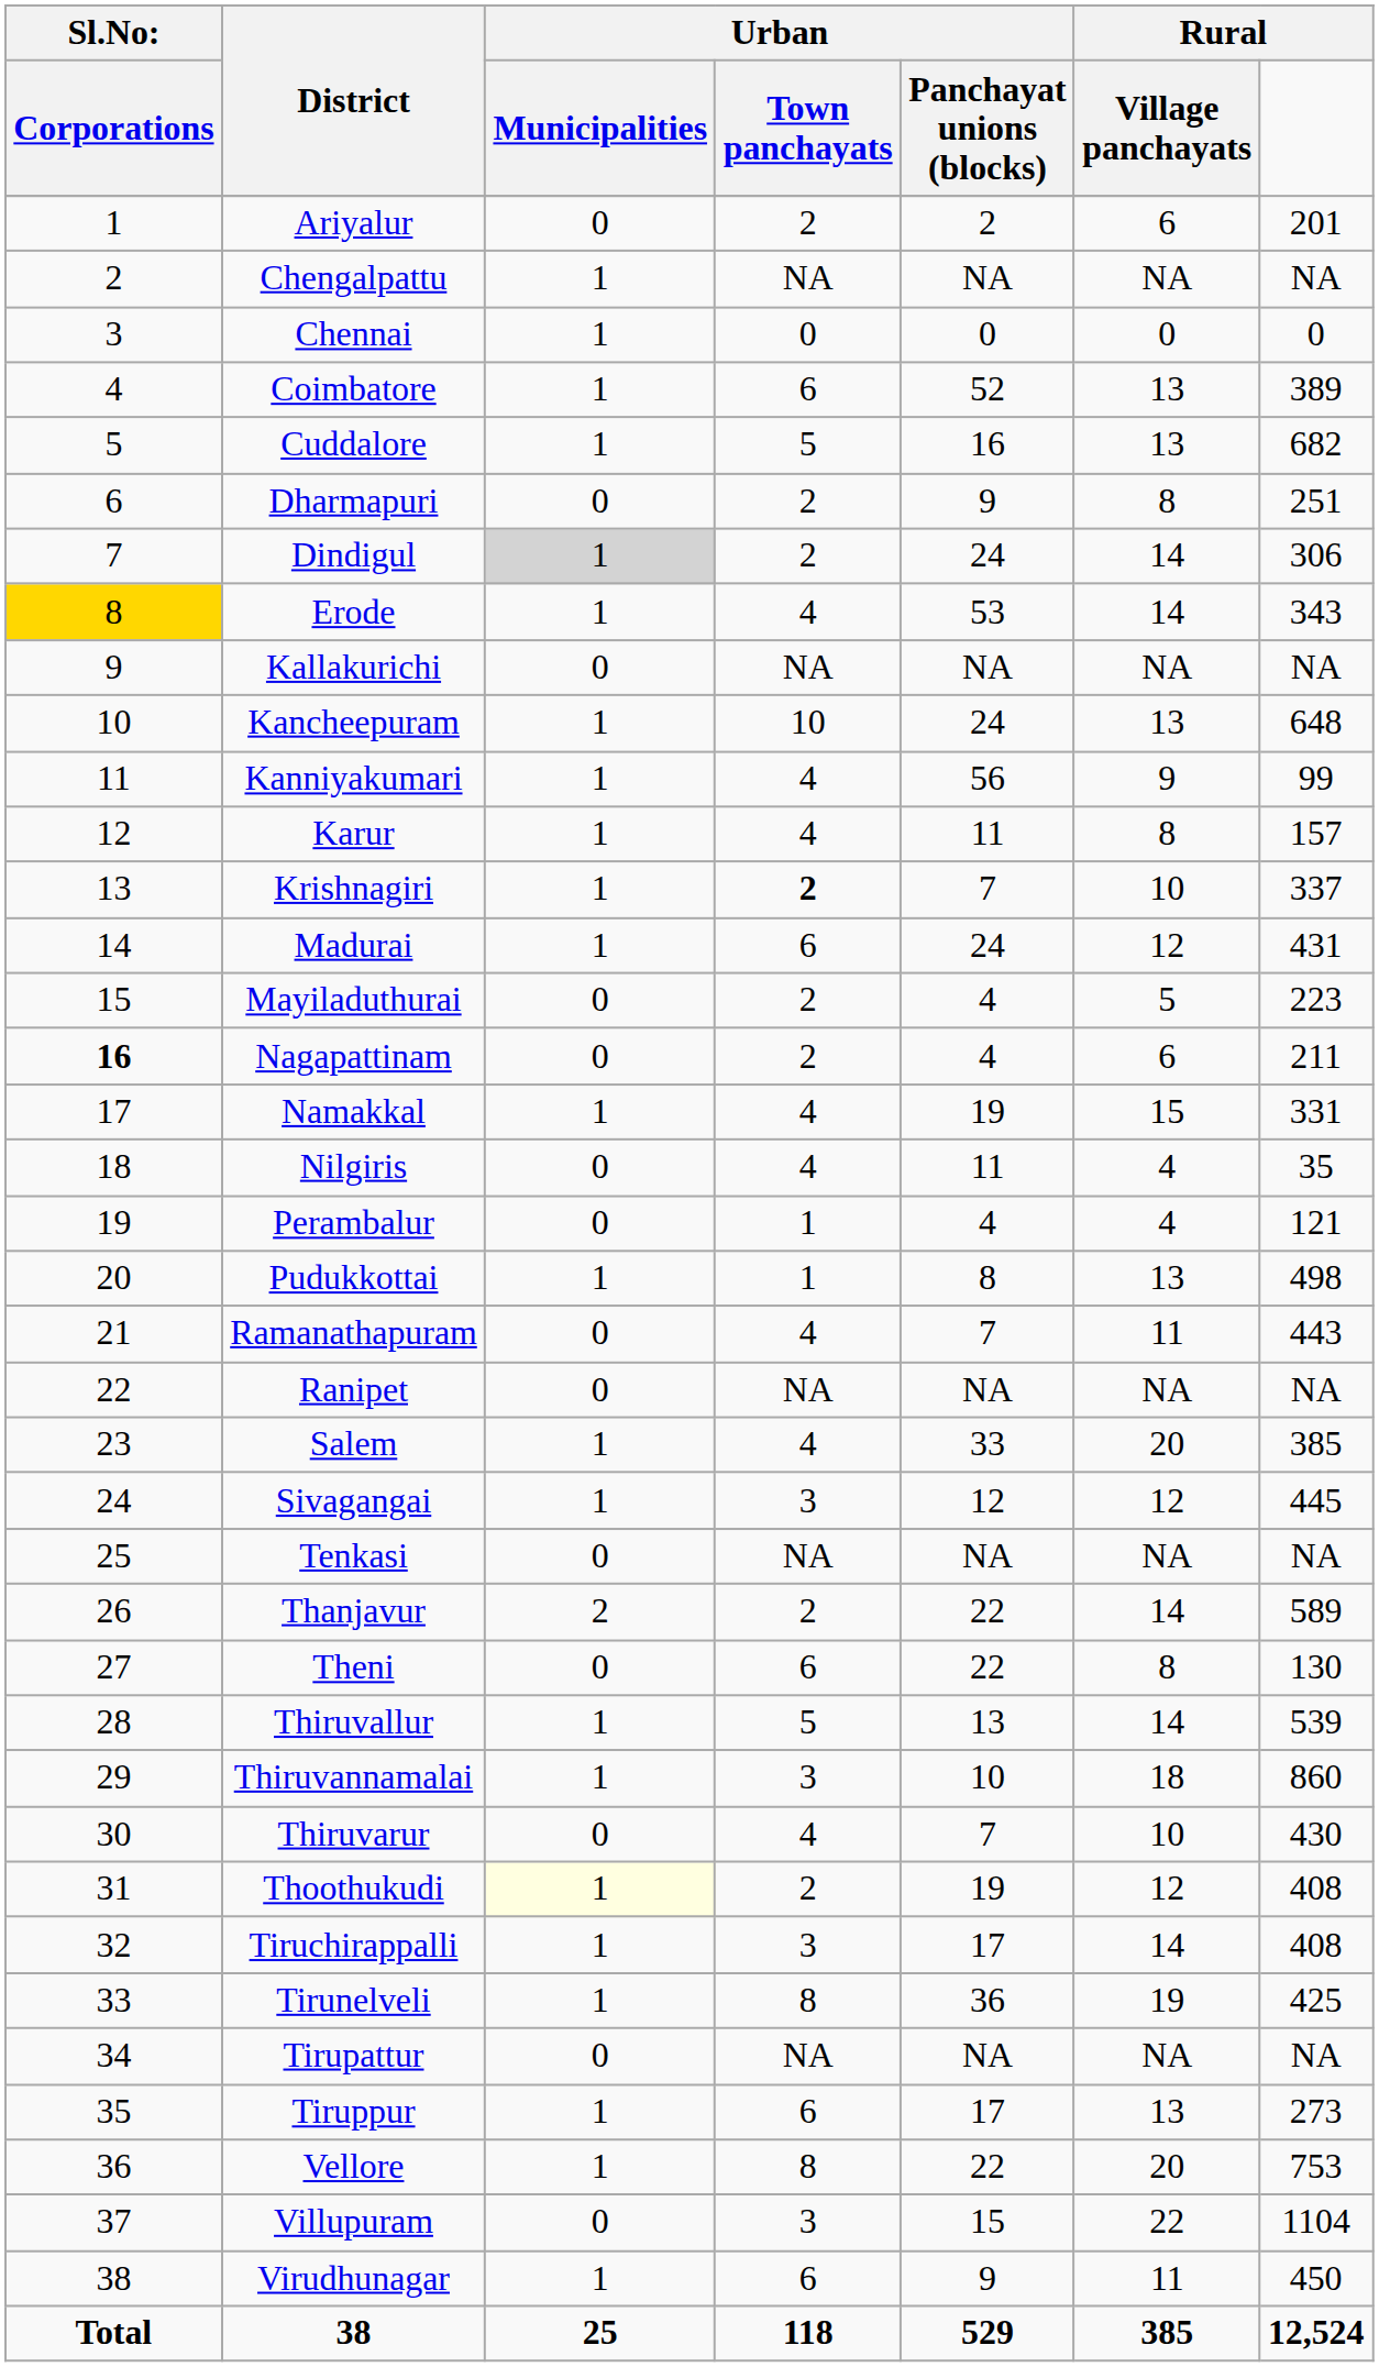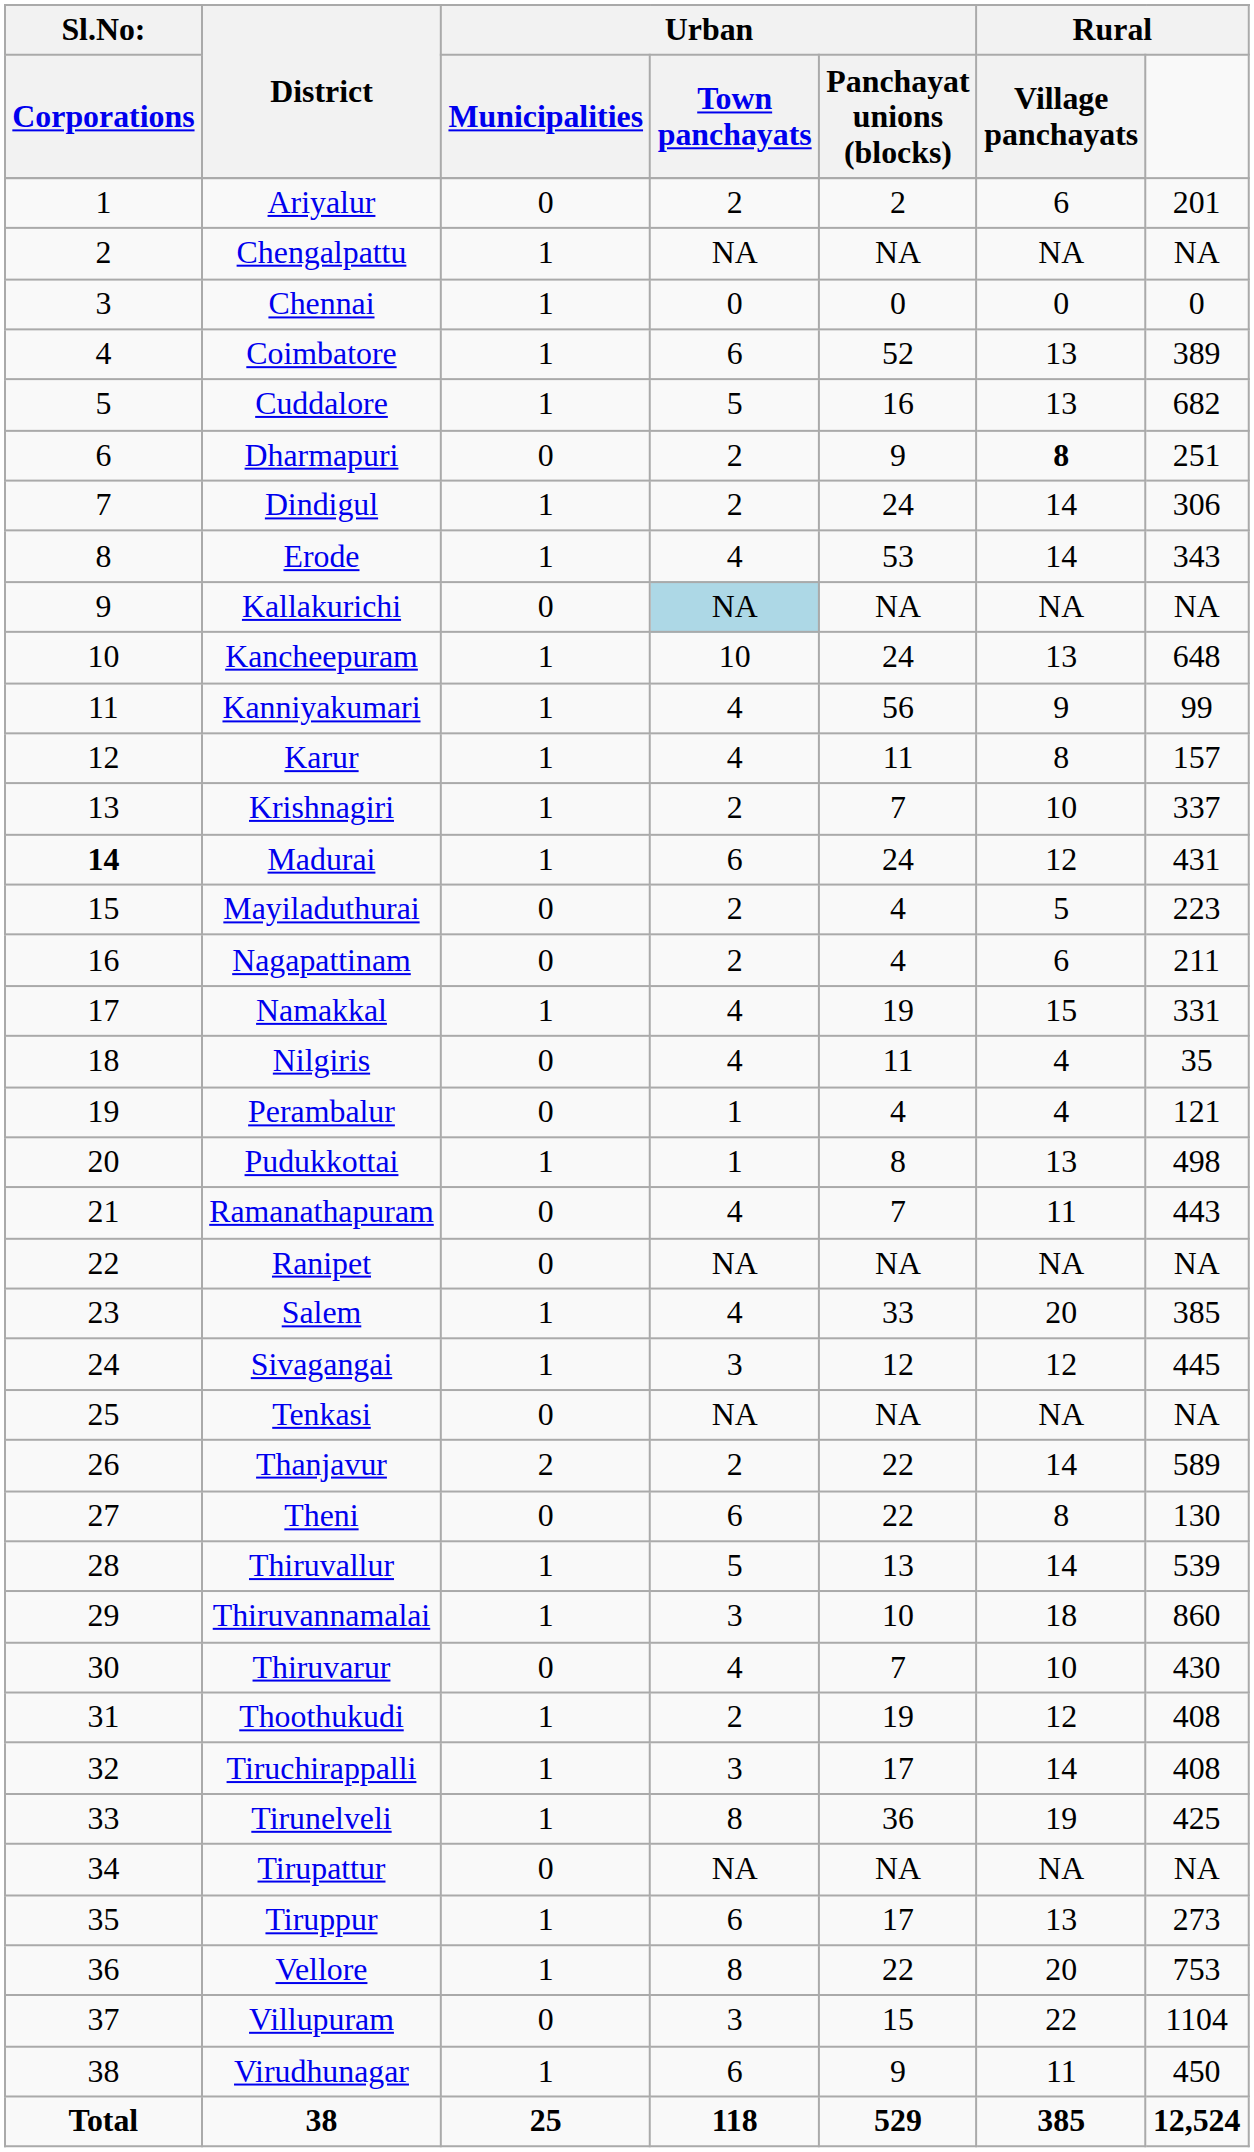 <table class="wikitable sortable" style="text-align:center">
 <tr style="background:#ffffdd; color:#000;">
 <th rowspan="4" align=left width=40px>Sl.No:</th>
 </tr>
 <tr>
 </tr>
 <tr style="background:#ffffdd; color:#000;">
 <th rowspan="3" align=left width=50px>District</th>
 </tr>
 <tr>
 <th align=Centre width=120px colspan="3">Urban</th>
 <th align=Centre width=80px colspan="2">Rural</th>
 </tr>
 <tr>
 <th scope="col" align=Centre width=40px><a href='#'>Corporations</a></th>
 <th scope="col" align=Centre width=40px><a href='#'>Municipalities</a></th>
 <th scope="col" align=Centre width=40px><a href='#'>Town panchayats</a></th>
 <th Scope="col" align=Centre width=50px>Panchayat unions (blocks)</th>
 <th Scope="col" align=Centre width=50px>Village panchayats</th>
 </tr>
 <tr>
 </tr>
 <tr valign=top>
 <td>1</td>
 <td><a href='#'>Ariyalur</a></td>
 <td>0</td>
 <td>2</td>
 <td>2</td>
 <td>6</td>
 <td>201</td>
 </tr>
 <tr valign=top>
 <td>2</td>
 <td><a href='#'>Chengalpattu</a></td>
 <td>1</td>
 <td>NA</td>
 <td>NA</td>
 <td>NA</td>
 <td>NA</td>
 </tr>
 <tr valign=top>
 <td>3</td>
 <td><a href='#'>Chennai</a></td>
 <td>1</td>
 <td>0</td>
 <td>0</td>
 <td>0</td>
 <td>0</td>
 </tr>
 <tr valign=top>
 <td>4</td>
 <td><a href='#'>Coimbatore</a></td>
 <td>1</td>
 <td>6</td>
 <td>52</td>
 <td>13</td>
 <td>389</td>
 </tr>
 <tr valign=top>
 <td>5</td>
 <td><a href='#'>Cuddalore</a></td>
 <td>1</td>
 <td>5</td>
 <td>16</td>
 <td>13</td>
 <td>682</td>
 </tr>
 <tr valign=top>
 <td>6</td>
 <td><a href='#'>Dharmapuri</a></td>
 <td>0</td>
 <td>2</td>
 <td>9</td>
-<td>8</td>
+<td><strong>8</strong></td>
 <td>251</td>
 </tr>
 <tr valign=top>
 <td>7</td>
 <td><a href='#'>Dindigul</a></td>
-<td style="background: lightgrey;">1</td>
+<td>1</td>
 <td>2</td>
 <td>24</td>
 <td>14</td>
 <td>306</td>
 </tr>
 <tr valign=top>
-<td style="background: gold;">8</td>
+<td>8</td>
 <td><a href='#'>Erode</a></td>
 <td>1</td>
 <td>4</td>
 <td>53</td>
 <td>14</td>
 <td>343</td>
 </tr>
 <tr valign=top>
 <td>9</td>
 <td><a href='#'>Kallakurichi</a></td>
 <td>0</td>
-<td>NA</td>
+<td style="background: lightblue;">NA</td>
 <td>NA</td>
 <td>NA</td>
 <td>NA</td>
 </tr>
 <tr valign=top>
 <td>10</td>
 <td><a href='#'>Kancheepuram</a></td>
 <td>1</td>
 <td>10</td>
 <td>24</td>
 <td>13</td>
 <td>648</td>
 </tr>
 <tr valign=top>
 <td>11</td>
 <td><a href='#'>Kanniyakumari</a></td>
 <td>1</td>
 <td>4</td>
 <td>56</td>
 <td>9</td>
 <td>99</td>
 </tr>
 <tr valign=top>
 <td>12</td>
 <td><a href='#'>Karur</a></td>
 <td>1</td>
 <td>4</td>
 <td>11</td>
 <td>8</td>
 <td>157</td>
 </tr>
 <tr valign=top>
 <td>13</td>
 <td><a href='#'>Krishnagiri</a></td>
 <td>1</td>
-<td><strong>2</strong></td>
+<td>2</td>
 <td>7</td>
 <td>10</td>
 <td>337</td>
 </tr>
 <tr valign=top>
-<td>14</td>
+<td><strong>14</strong></td>
 <td><a href='#'>Madurai</a></td>
 <td>1</td>
 <td>6</td>
 <td>24</td>
 <td>12</td>
 <td>431</td>
 </tr>
 <tr valign=top>
 <td>15</td>
 <td><a href='#'>Mayiladuthurai</a></td>
 <td>0</td>
 <td>2</td>
 <td>4</td>
 <td>5</td>
 <td>223</td>
 </tr>
 <tr valign=top>
-<td><strong>16</strong></td>
+<td>16</td>
 <td><a href='#'>Nagapattinam</a></td>
 <td>0</td>
 <td>2</td>
 <td>4</td>
 <td>6</td>
 <td>211</td>
 </tr>
 <tr valign=top>
 <td>17</td>
 <td><a href='#'>Namakkal</a></td>
 <td>1</td>
 <td>4</td>
 <td>19</td>
 <td>15</td>
 <td>331</td>
 </tr>
 <tr valign=top>
 <td>18</td>
 <td><a href='#'>Nilgiris</a></td>
 <td>0</td>
 <td>4</td>
 <td>11</td>
 <td>4</td>
 <td>35</td>
 </tr>
 <tr valign=top>
 <td>19</td>
 <td><a href='#'>Perambalur</a></td>
 <td>0</td>
 <td>1</td>
 <td>4</td>
 <td>4</td>
 <td>121</td>
 </tr>
 <tr valign=top>
 <td>20</td>
 <td><a href='#'>Pudukkottai</a></td>
 <td>1</td>
 <td>1</td>
 <td>8</td>
 <td>13</td>
 <td>498</td>
 </tr>
 <tr valign=top>
 <td>21</td>
 <td><a href='#'>Ramanathapuram</a></td>
 <td>0</td>
 <td>4</td>
 <td>7</td>
 <td>11</td>
 <td>443</td>
 </tr>
 <tr valign=top>
 <td>22</td>
 <td><a href='#'>Ranipet</a></td>
 <td>0</td>
 <td>NA</td>
 <td>NA</td>
 <td>NA</td>
 <td>NA</td>
 </tr>
 <tr valign=top>
 <td>23</td>
 <td><a href='#'>Salem</a></td>
 <td>1</td>
 <td>4</td>
 <td>33</td>
 <td>20</td>
 <td>385</td>
 </tr>
 <tr valign=top>
 <td>24</td>
 <td><a href='#'>Sivagangai</a></td>
 <td>1</td>
 <td>3</td>
 <td>12</td>
 <td>12</td>
 <td>445</td>
 </tr>
 <tr valign=top>
 <td>25</td>
 <td><a href='#'>Tenkasi</a></td>
 <td>0</td>
 <td>NA</td>
 <td>NA</td>
 <td>NA</td>
 <td>NA</td>
 </tr>
 <tr valign=top>
 <td>26</td>
 <td><a href='#'>Thanjavur</a></td>
 <td>2</td>
 <td>2</td>
 <td>22</td>
 <td>14</td>
 <td>589</td>
 </tr>
 <tr valign=top>
 <td>27</td>
 <td><a href='#'>Theni</a></td>
 <td>0</td>
 <td>6</td>
 <td>22</td>
 <td>8</td>
 <td>130</td>
 </tr>
 <tr valign=top>
 <td>28</td>
 <td><a href='#'>Thiruvallur</a></td>
 <td>1</td>
 <td>5</td>
 <td>13</td>
 <td>14</td>
 <td>539</td>
 </tr>
 <tr valign=top>
 <td>29</td>
 <td><a href='#'>Thiruvannamalai</a></td>
 <td>1</td>
 <td>3</td>
 <td>10</td>
 <td>18</td>
 <td>860</td>
 </tr>
 <tr valign=top>
 <td>30</td>
 <td><a href='#'>Thiruvarur</a></td>
 <td>0</td>
 <td>4</td>
 <td>7</td>
 <td>10</td>
 <td>430</td>
 </tr>
 <tr valign=top>
 <td>31</td>
 <td><a href='#'>Thoothukudi</a></td>
-<td style="background: lightyellow;">1</td>
+<td>1</td>
 <td>2</td>
 <td>19</td>
 <td>12</td>
 <td>408</td>
 </tr>
 <tr valign=top>
 <td>32</td>
 <td><a href='#'>Tiruchirappalli</a></td>
 <td>1</td>
 <td>3</td>
 <td>17</td>
 <td>14</td>
 <td>408</td>
 </tr>
 <tr valign=top>
 <td>33</td>
 <td><a href='#'>Tirunelveli</a></td>
 <td>1</td>
 <td>8</td>
 <td>36</td>
 <td>19</td>
 <td>425</td>
 </tr>
 <tr valign=top>
 <td>34</td>
 <td><a href='#'>Tirupattur</a></td>
 <td>0</td>
 <td>NA</td>
 <td>NA</td>
 <td>NA</td>
 <td>NA</td>
 </tr>
 <tr valign=top>
 <td>35</td>
 <td><a href='#'>Tiruppur</a></td>
 <td>1</td>
 <td>6</td>
 <td>17</td>
 <td>13</td>
 <td>273</td>
 </tr>
 <tr valign=top>
 <td>36</td>
 <td><a href='#'>Vellore</a></td>
 <td>1</td>
 <td>8</td>
 <td>22</td>
 <td>20</td>
 <td>753</td>
 </tr>
 <tr valign=top>
 <td>37</td>
 <td><a href='#'>Villupuram</a></td>
 <td>0</td>
 <td>3</td>
 <td>15</td>
 <td>22</td>
 <td>1104</td>
 </tr>
 <tr valign=top>
 <td>38</td>
 <td><a href='#'>Virudhunagar</a></td>
 <td>1</td>
 <td>6</td>
 <td>9</td>
 <td>11</td>
 <td>450</td>
 </tr>
 <tr class="sortbottom">
 <td><strong>Total</strong></td>
 <td><strong>38</strong></td>
 <td><strong>25</strong></td>
 <td><strong>118</strong></td>
 <td><strong>529</strong></td>
 <td><strong>385</strong></td>
 <td><strong>12,524</strong></td>
 </tr>
 </table>
